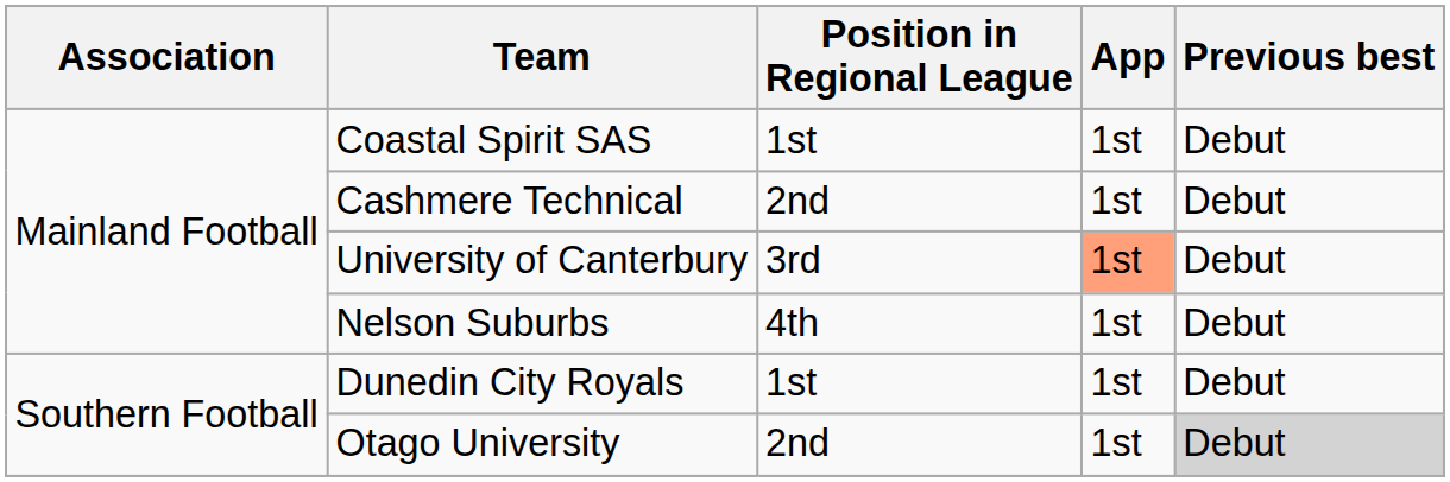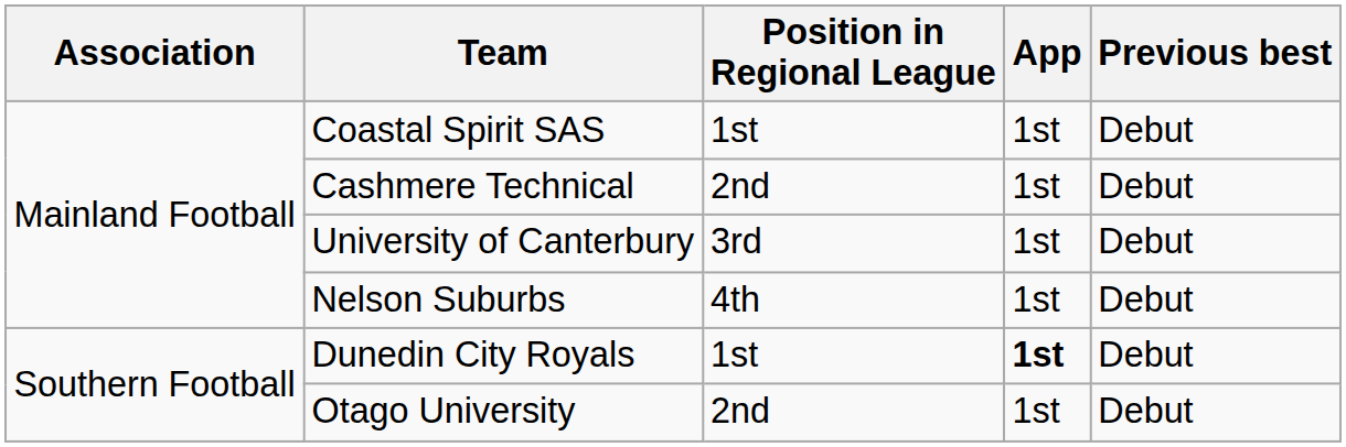 <table class="wikitable">
 <tr>
 <th>Association</th>
 <th>Team</th>
 <th>Position in<br>Regional League</th>
 <th>App<br></th>
 <th>Previous best<br></th>
 </tr>
 <tr>
 <td rowspan=4>Mainland Football </td>
 <td>Coastal Spirit SAS</td>
 <td>1st</td>
 <td>1st</td>
 <td>Debut</td>
 </tr>
 <tr>
 <td>Cashmere Technical</td>
 <td>2nd</td>
 <td>1st</td>
 <td>Debut</td>
 </tr>
 <tr>
 <td>University of Canterbury</td>
 <td>3rd</td>
-<td style="background: lightsalmon;">1st</td>
+<td>1st</td>
 <td>Debut</td>
 </tr>
 <tr>
 <td>Nelson Suburbs</td>
 <td>4th</td>
 <td>1st</td>
 <td>Debut</td>
 </tr>
 <tr>
 <td rowspan=2>Southern Football </td>
 <td>Dunedin City Royals</td>
 <td>1st</td>
-<td>1st</td>
+<td><strong>1st</strong></td>
 <td>Debut</td>
 </tr>
 <tr>
 <td>Otago University</td>
 <td>2nd</td>
 <td>1st</td>
-<td style="background: lightgrey;">Debut</td>
+<td>Debut</td>
 </tr>
 </table>
